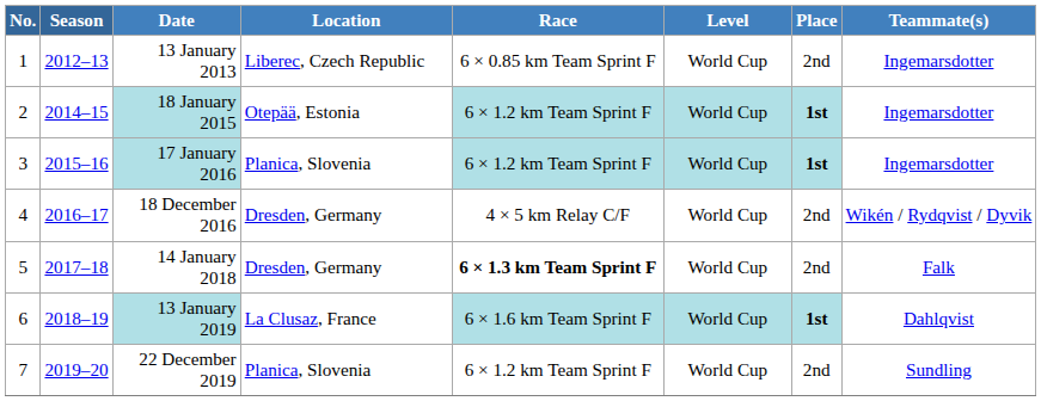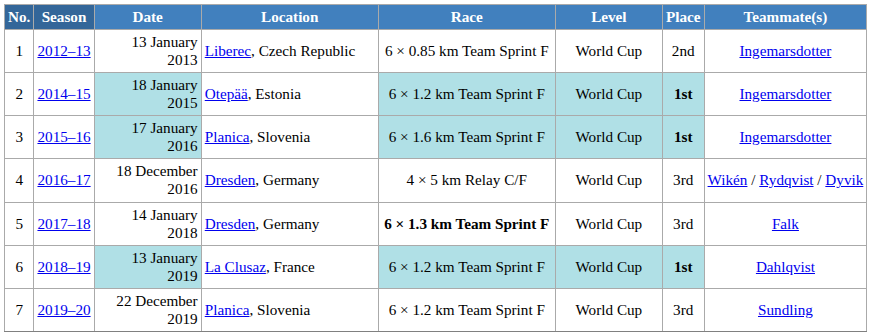 <table class="wikitable sortable" style="font-size:95%; text-align:center; border:grey solid 1px; border-collapse:collapse; background:#ffffff;">
 <tr style="background:#efefef;">
 <th style="background-color:#369; color:white;">No.</th>
 <th style="background-color:#369; color:white;">Season</th>
 <th style="background-color:#4180be; color:white; width:100px;">Date</th>
 <th style="background-color:#4180be; color:white; width:170px;">Location</th>
 <th style="background-color:#4180be; color:white; width:170px;">Race</th>
 <th style="background-color:#4180be; color:white; width:100px;">Level</th>
 <th style="background-color:#4180be; color:white;">Place</th>
 <th style="background-color:#4180be; color:white;">Teammate(s)</th>
 </tr>
 <tr>
 <td align=center>1</td>
 <td rowspan=1 align=center><a href='#'>2012–13</a></td>
 <td align=right>13 January 2013</td>
 <td align=left> <a href='#'>Liberec</a>, Czech Republic</td>
 <td>6 × 0.85 km Team Sprint F</td>
 <td>World Cup</td>
 <td>2nd</td>
 <td> <a href='#'>Ingemarsdotter</a> </td>
 </tr>
 <tr>
 <td align=center>2</td>
 <td rowspan=1 align=center><a href='#'>2014–15</a></td>
 <td bgcolor="#BOEOE6" align=right>18 January 2015</td>
 <td align=left> <a href='#'>Otepää</a>, Estonia</td>
 <td bgcolor="#BOEOE6">6 × 1.2 km Team Sprint F</td>
 <td bgcolor="#BOEOE6">World Cup</td>
 <td bgcolor="#BOEOE6"><strong>1st</strong></td>
 <td><a href='#'>Ingemarsdotter</a></td>
 </tr>
 <tr>
 <td align=center>3</td>
 <td rowspan=1 align=center><a href='#'>2015–16</a></td>
 <td bgcolor="#BOEOE6" align=right>17 January 2016</td>
 <td align=left> <a href='#'>Planica</a>, Slovenia</td>
-<td bgcolor="#BOEOE6">6 × 1.2 km Team Sprint F</td>
+<td bgcolor="#BOEOE6">6 × 1.6 km Team Sprint F</td>
 <td bgcolor="#BOEOE6">World Cup</td>
 <td bgcolor="#BOEOE6"><strong>1st</strong></td>
 <td><a href='#'>Ingemarsdotter</a></td>
 </tr>
 <tr>
 <td align=center>4</td>
 <td rowspan=1 align=center><a href='#'>2016–17</a></td>
 <td align=right>18 December 2016</td>
 <td align=left> <a href='#'>Dresden</a>, Germany</td>
 <td>4 × 5 km Relay C/F</td>
 <td>World Cup</td>
-<td>2nd</td>
+<td>3rd</td>
 <td><a href='#'>Wikén</a> / <a href='#'>Rydqvist</a> / <a href='#'>Dyvik</a></td>
 </tr>
 <tr>
 <td align=center>5</td>
 <td rowspan=1 align=center><a href='#'>2017–18</a></td>
 <td align=right>14 January 2018</td>
 <td align=left> <a href='#'>Dresden</a>, Germany</td>
 <td><strong>6 × 1.3 km Team Sprint F</strong></td>
 <td>World Cup</td>
-<td>2nd</td>
+<td>3rd</td>
 <td> <a href='#'>Falk</a> </td>
 </tr>
 <tr>
 <td align=center>6</td>
 <td rowspan=1 align=center><a href='#'>2018–19</a></td>
 <td bgcolor="#BOEOE6" align=right>13 January 2019</td>
 <td align=left> <a href='#'>La Clusaz</a>, France</td>
-<td bgcolor="#BOEOE6">6 × 1.6 km Team Sprint F</td>
+<td bgcolor="#BOEOE6">6 × 1.2 km Team Sprint F</td>
 <td bgcolor="#BOEOE6">World Cup</td>
 <td bgcolor="#BOEOE6"><strong>1st</strong></td>
 <td><a href='#'>Dahlqvist</a></td>
 </tr>
 <tr>
 <td align=center>7</td>
 <td rowspan=1 align=center><a href='#'>2019–20</a></td>
 <td align=right>22 December 2019</td>
 <td align=left> <a href='#'>Planica</a>, Slovenia</td>
 <td>6 × 1.2 km Team Sprint F</td>
 <td>World Cup</td>
-<td>2nd</td>
+<td>3rd</td>
 <td><a href='#'>Sundling</a></td>
 </tr>
 <tr>
 </tr>
 </table>
